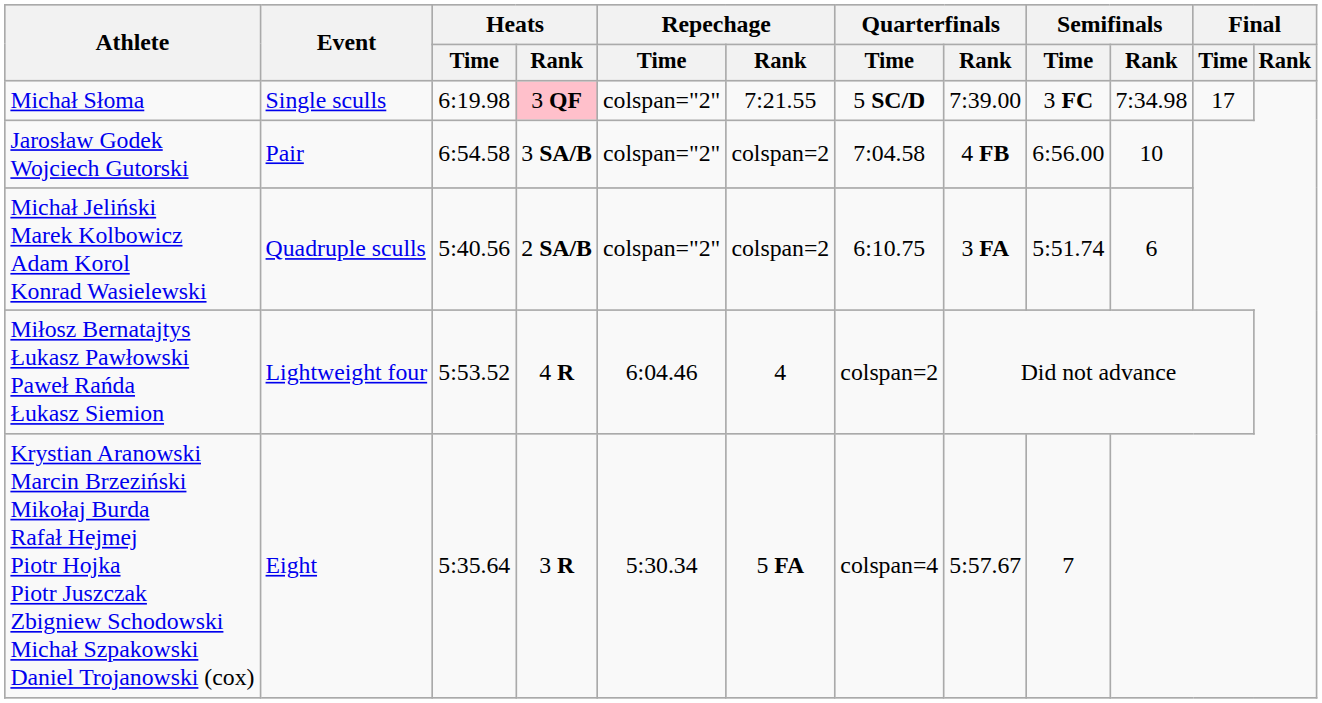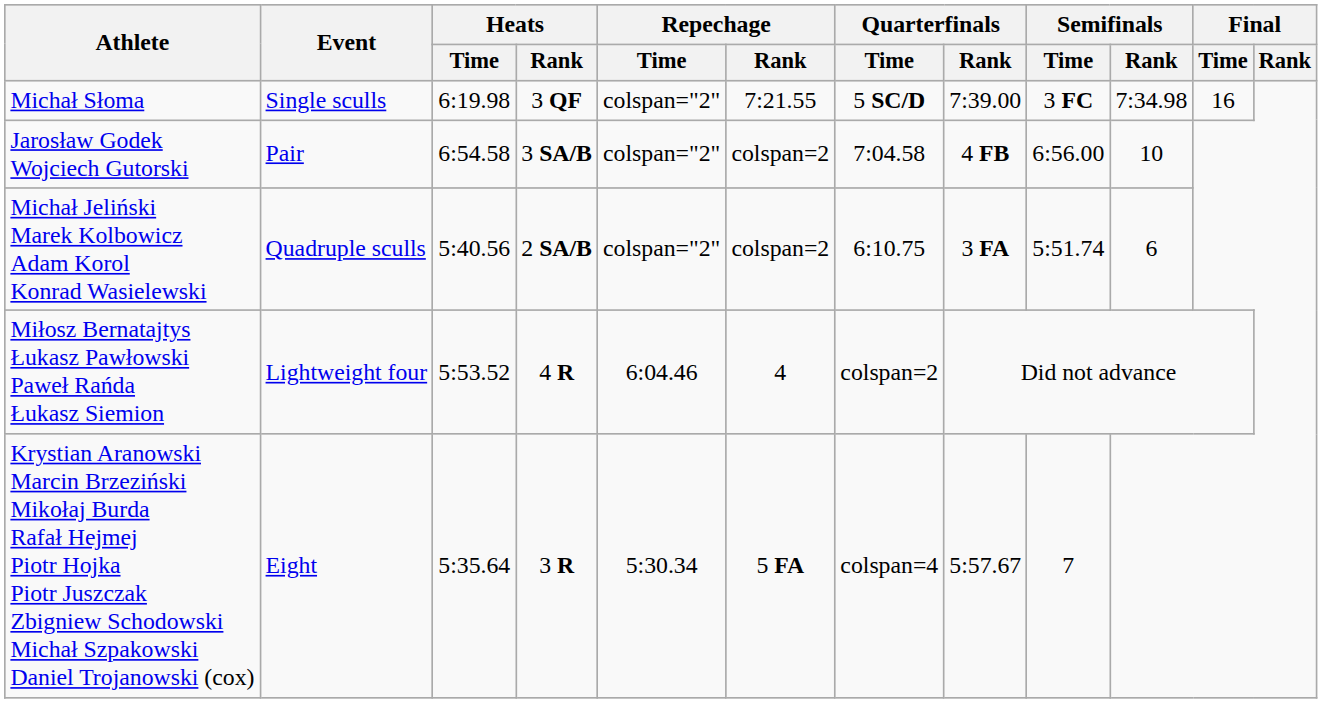 <table class="wikitable" style="font-size:90%">
 <tr>
 <th rowspan="2">Athlete</th>
 <th rowspan="2">Event</th>
 <th colspan="2">Heats</th>
 <th colspan="2">Repechage</th>
 <th colspan=2>Quarterfinals</th>
 <th colspan="2">Semifinals</th>
 <th colspan="2">Final</th>
 </tr>
 <tr style="font-size:95%">
 <th>Time</th>
 <th>Rank</th>
 <th>Time</th>
 <th>Rank</th>
 <th>Time</th>
 <th>Rank</th>
 <th>Time</th>
 <th>Rank</th>
 <th>Time</th>
 <th>Rank</th>
 </tr>
 <tr align=center>
 <td align=left><a href='#'>Michał Słoma</a></td>
 <td align=left><a href='#'>Single sculls</a></td>
 <td>6:19.98</td>
-<td style="background: pink;">3 <strong>QF</strong></td>
+<td>3 <strong>QF</strong></td>
 <td>colspan="2" </td>
 <td>7:21.55</td>
 <td>5 <strong>SC/D</strong></td>
 <td>7:39.00</td>
 <td>3 <strong>FC</strong></td>
 <td>7:34.98</td>
-<td>17</td>
+<td>16</td>
 </tr>
 <tr align=center>
 <td align=left><a href='#'>Jarosław Godek</a><br><a href='#'>Wojciech Gutorski</a></td>
 <td align=left><a href='#'>Pair</a></td>
 <td>6:54.58</td>
 <td>3 <strong>SA/B</strong></td>
 <td>colspan="2" </td>
 <td>colspan=2 </td>
 <td>7:04.58</td>
 <td>4 <strong>FB</strong></td>
 <td>6:56.00</td>
 <td>10</td>
 </tr>
 <tr align=center>
 <td align=left><a href='#'>Michał Jeliński</a><br><a href='#'>Marek Kolbowicz</a><br><a href='#'>Adam Korol</a><br><a href='#'>Konrad Wasielewski</a></td>
 <td align=left><a href='#'>Quadruple sculls</a></td>
 <td>5:40.56</td>
 <td>2 <strong>SA/B</strong></td>
 <td>colspan="2" </td>
 <td>colspan=2 </td>
 <td>6:10.75</td>
 <td>3 <strong>FA</strong></td>
 <td>5:51.74</td>
 <td>6</td>
 </tr>
 <tr align=center>
 <td align=left><a href='#'>Miłosz Bernatajtys</a><br><a href='#'>Łukasz Pawłowski</a><br><a href='#'>Paweł Rańda</a><br><a href='#'>Łukasz Siemion</a></td>
 <td align=left><a href='#'>Lightweight four</a></td>
 <td>5:53.52</td>
 <td>4 <strong>R</strong></td>
 <td>6:04.46</td>
 <td>4</td>
 <td>colspan=2 </td>
 <td colspan=4>Did not advance</td>
 </tr>
 <tr align=center>
 <td align=left><a href='#'>Krystian Aranowski</a><br><a href='#'>Marcin Brzeziński</a><br><a href='#'>Mikołaj Burda</a><br><a href='#'>Rafał Hejmej</a><br><a href='#'>Piotr Hojka</a><br><a href='#'>Piotr Juszczak</a><br><a href='#'>Zbigniew Schodowski</a><br><a href='#'>Michał Szpakowski</a><br><a href='#'>Daniel Trojanowski</a> (cox)</td>
 <td align=left><a href='#'>Eight</a></td>
 <td>5:35.64</td>
 <td>3 <strong>R</strong></td>
 <td>5:30.34</td>
 <td>5 <strong>FA</strong></td>
 <td>colspan=4 </td>
 <td>5:57.67</td>
 <td>7</td>
 </tr>
 </table>
